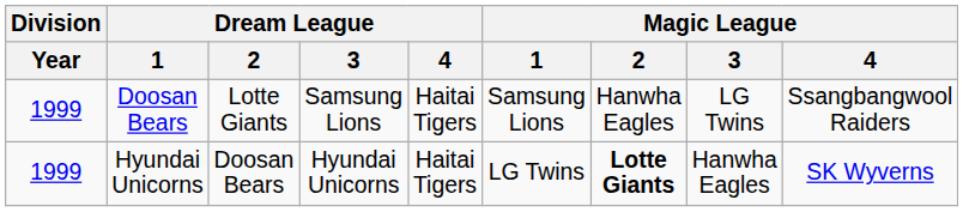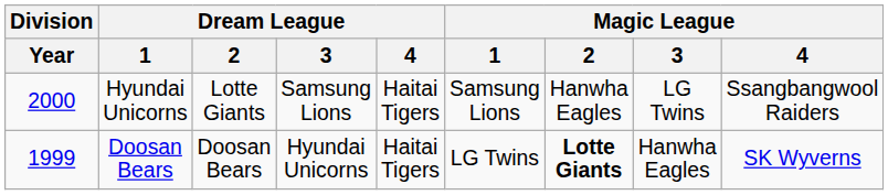 <table class="wikitable" width="100%" style="text-align:center;">
 <tr>
 <th>Division</th>
 <th colspan="4">Dream League</th>
 <th colspan="4">Magic League</th>
 </tr>
 <tr>
 <th width="5%">Year</th>
 <th>1</th>
 <th>2</th>
 <th>3</th>
 <th>4</th>
 <th>1</th>
 <th>2</th>
 <th>3</th>
 <th>4</th>
 </tr>
 <tr>
-<td><a href='#'>1999</a></td>
-<td><a href='#'>Doosan Bears</a></td>
+<td><a href='#'>2000</a></td>
+<td>Hyundai Unicorns</td>
 <td>Lotte Giants</td>
 <td>Samsung Lions</td>
 <td>Haitai Tigers</td>
 <td>Samsung Lions</td>
 <td>Hanwha Eagles</td>
 <td>LG Twins</td>
 <td>Ssangbangwool Raiders</td>
 </tr>
 <tr>
 <td><a href='#'>1999</a></td>
-<td>Hyundai Unicorns</td>
+<td><a href='#'>Doosan Bears</a></td>
 <td>Doosan Bears</td>
 <td>Hyundai Unicorns</td>
 <td>Haitai Tigers</td>
 <td>LG Twins</td>
 <td><strong>Lotte Giants</strong></td>
 <td>Hanwha Eagles</td>
 <td><a href='#'>SK Wyverns</a></td>
 </tr>
 </table>
